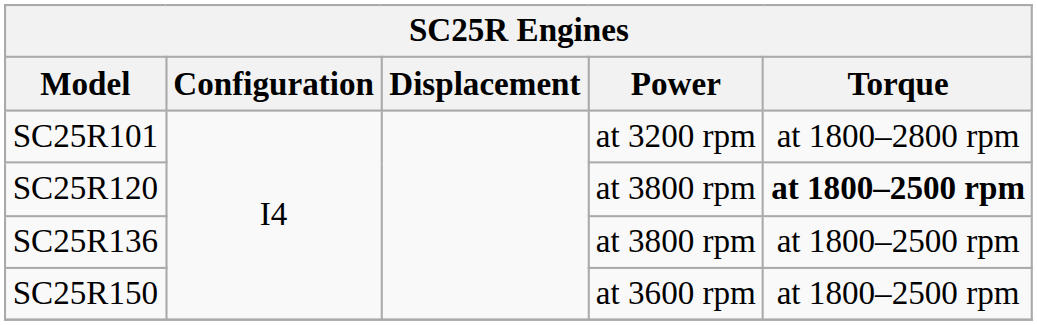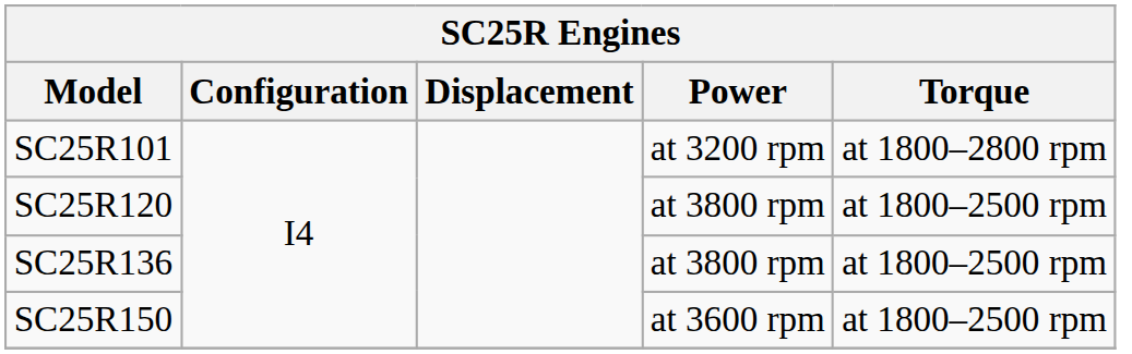 <table class="wikitable" style="text-align:center; font-size:100%;">
 <tr>
 <th colspan=7>SC25R Engines</th>
 </tr>
 <tr style="background:#dcdcdc; text-align:center; vertical-align:middle;">
 <th>Model</th>
 <th>Configuration</th>
 <th>Displacement</th>
 <th>Power</th>
 <th>Torque</th>
 </tr>
 <tr>
 <td>SC25R101</td>
 <td rowspan="4">I4</td>
 <td rowspan="4"></td>
 <td> at 3200 rpm</td>
 <td> at 1800–2800 rpm</td>
 </tr>
 <tr>
 <td>SC25R120</td>
 <td> at 3800 rpm</td>
-<td><strong> at 1800–2500 rpm</strong></td>
+<td> at 1800–2500 rpm</td>
 </tr>
 <tr>
 <td>SC25R136</td>
 <td> at 3800 rpm</td>
 <td> at 1800–2500 rpm</td>
 </tr>
 <tr>
 <td>SC25R150</td>
 <td> at 3600 rpm</td>
 <td> at 1800–2500 rpm</td>
 </tr>
 <tr>
 </tr>
 </table>
